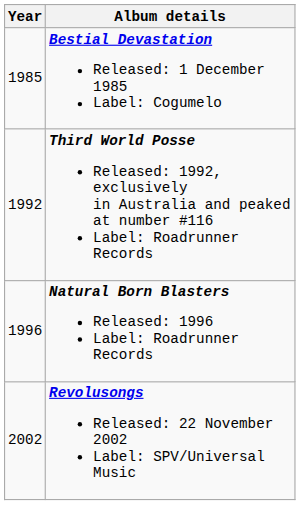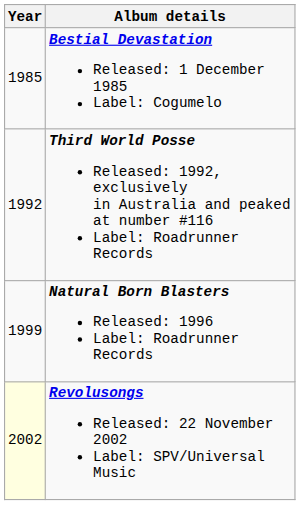 <table class ="wikitable">
 <tr>
 <th>Year</th>
 <th style="width:220px;">Album details</th>
 </tr>
 <tr>
 <td>1985</td>
 <td><strong><em><a href='#'>Bestial Devastation</a></em></strong><br><ul><li>Released: 1 December 1985</li><li>Label: Cogumelo</li></ul></td>
 </tr>
 <tr>
 <td>1992</td>
 <td><strong><em>Third World Posse</em></strong><br><ul><li>Released: 1992, exclusively<br>in Australia and peaked at number #116</li><li>Label: Roadrunner Records</li></ul></td>
 </tr>
 <tr>
-<td>1996</td>
+<td>1999</td>
 <td><strong><em>Natural Born Blasters</em></strong><br><ul><li>Released: 1996</li><li>Label: Roadrunner Records</li></ul></td>
 </tr>
 <tr>
-<td>2002</td>
+<td style="background: lightyellow;">2002</td>
 <td><strong><em><a href='#'>Revolusongs</a></em></strong><br><ul><li>Released: 22 November 2002</li><li>Label: SPV/Universal Music</li></ul></td>
 </tr>
 </table>
